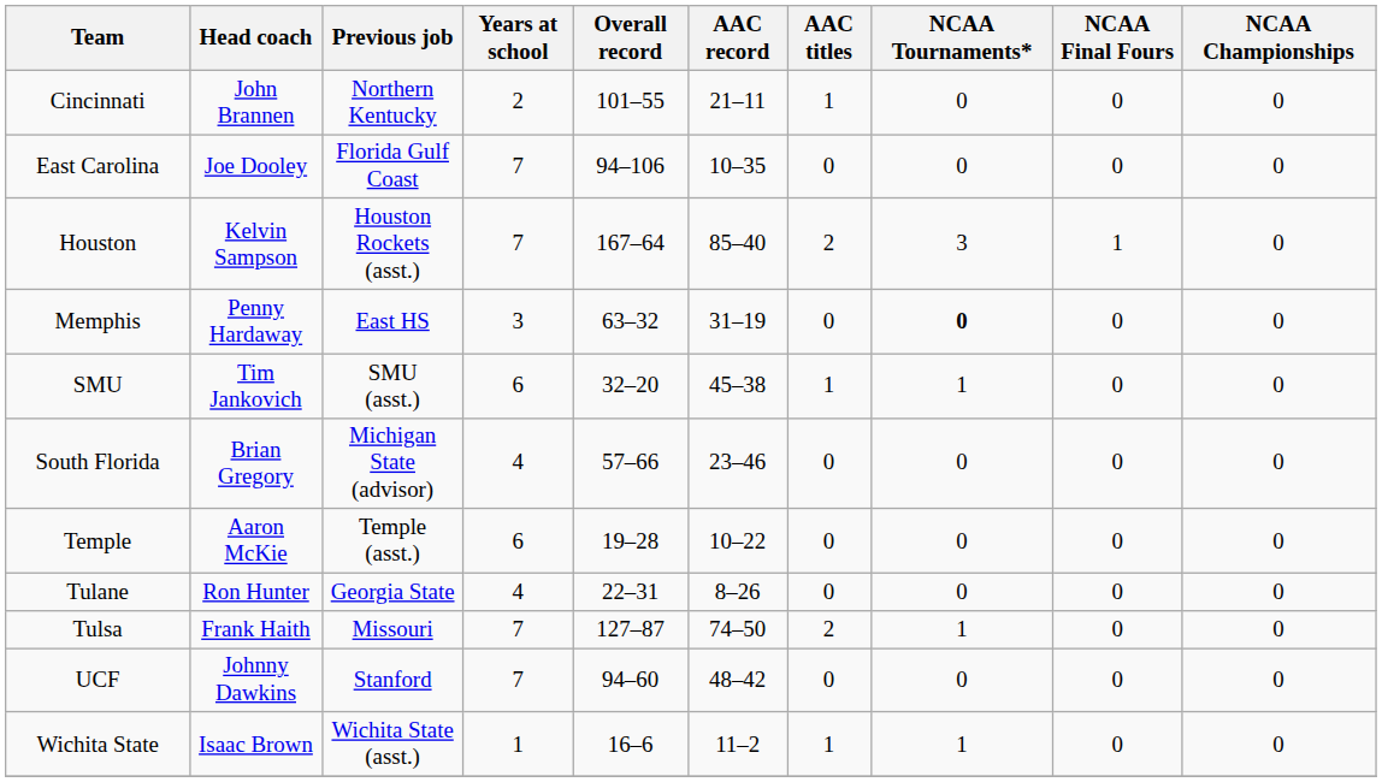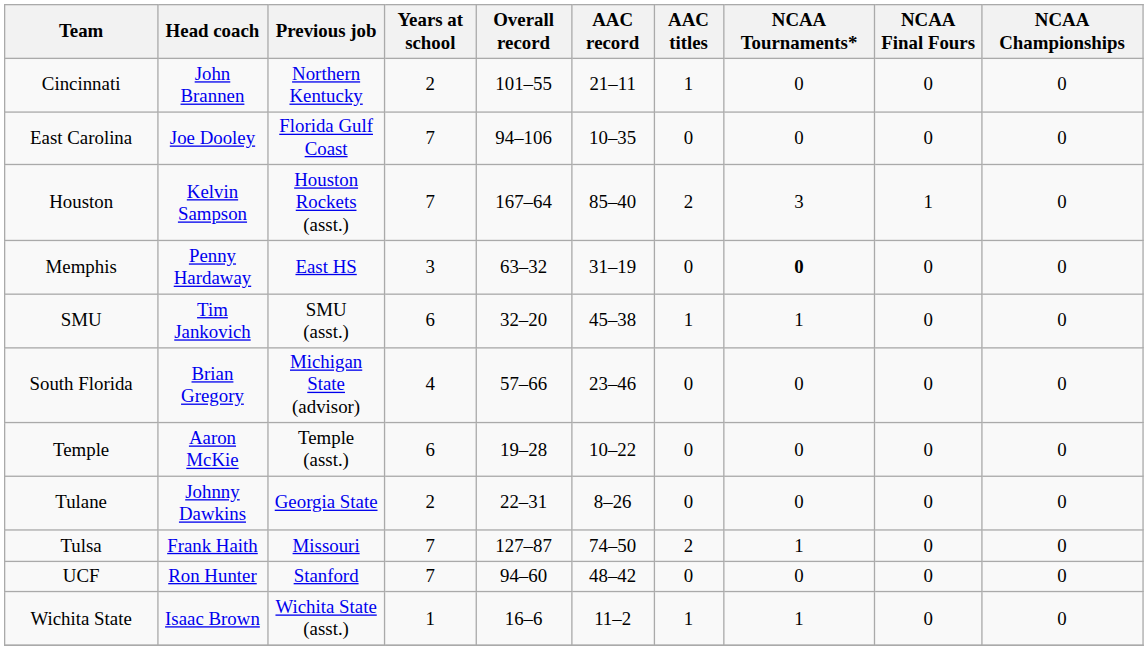 <table class="wikitable sortable" style="text-align: center;font-size:90%;">
 <tr>
 <th width="110">Team</th>
 <th>Head coach</th>
 <th>Previous job</th>
 <th>Years at school</th>
 <th>Overall record</th>
 <th>AAC record</th>
 <th>AAC titles</th>
 <th>NCAA Tournaments*</th>
 <th>NCAA Final Fours</th>
 <th>NCAA Championships</th>
 </tr>
 <tr>
 <td>Cincinnati</td>
 <td><a href='#'>John Brannen</a></td>
 <td><a href='#'>Northern Kentucky</a></td>
 <td>2</td>
 <td>101–55</td>
 <td>21–11</td>
 <td>1</td>
 <td>0</td>
 <td>0</td>
 <td>0</td>
 </tr>
 <tr>
 <td>East Carolina</td>
 <td><a href='#'>Joe Dooley</a></td>
 <td><a href='#'>Florida Gulf Coast</a></td>
 <td>7</td>
 <td>94–106</td>
 <td>10–35</td>
 <td>0</td>
 <td>0</td>
 <td>0</td>
 <td>0</td>
 </tr>
 <tr>
 <td>Houston</td>
 <td><a href='#'>Kelvin Sampson</a></td>
 <td><a href='#'>Houston Rockets</a><br>(asst.)</td>
 <td>7</td>
 <td>167–64</td>
 <td>85–40</td>
 <td>2</td>
 <td>3</td>
 <td>1</td>
 <td>0</td>
 </tr>
 <tr>
 <td>Memphis</td>
 <td><a href='#'>Penny Hardaway</a></td>
 <td><a href='#'>East HS</a></td>
 <td>3</td>
 <td>63–32</td>
 <td>31–19</td>
 <td>0</td>
 <td><strong>0</strong></td>
 <td>0</td>
 <td>0</td>
 </tr>
 <tr>
 <td>SMU</td>
 <td><a href='#'>Tim Jankovich</a></td>
 <td>SMU<br>(asst.)</td>
 <td>6</td>
 <td>32–20</td>
 <td>45–38</td>
 <td>1</td>
 <td>1</td>
 <td>0</td>
 <td>0</td>
 </tr>
 <tr>
 <td>South Florida</td>
 <td><a href='#'>Brian Gregory</a></td>
 <td><a href='#'>Michigan State</a><br>(advisor)</td>
 <td>4</td>
 <td>57–66</td>
 <td>23–46</td>
 <td>0</td>
 <td>0</td>
 <td>0</td>
 <td>0</td>
 </tr>
 <tr>
 <td>Temple</td>
 <td><a href='#'>Aaron McKie</a></td>
 <td>Temple<br>(asst.)</td>
 <td>6</td>
 <td>19–28</td>
 <td>10–22</td>
 <td>0</td>
 <td>0</td>
 <td>0</td>
 <td>0</td>
 </tr>
 <tr>
 <td>Tulane</td>
-<td><a href='#'>Ron Hunter</a></td>
+<td><a href='#'>Johnny Dawkins</a></td>
 <td><a href='#'>Georgia State</a></td>
-<td>4</td>
+<td>2</td>
 <td>22–31</td>
 <td>8–26</td>
 <td>0</td>
 <td>0</td>
 <td>0</td>
 <td>0</td>
 </tr>
 <tr>
 <td>Tulsa</td>
 <td><a href='#'>Frank Haith</a></td>
 <td><a href='#'>Missouri</a></td>
 <td>7</td>
 <td>127–87</td>
 <td>74–50</td>
 <td>2</td>
 <td>1</td>
 <td>0</td>
 <td>0</td>
 </tr>
 <tr>
 <td>UCF</td>
-<td><a href='#'>Johnny Dawkins</a></td>
+<td><a href='#'>Ron Hunter</a></td>
 <td><a href='#'>Stanford</a></td>
 <td>7</td>
 <td>94–60</td>
 <td>48–42</td>
 <td>0</td>
 <td>0</td>
 <td>0</td>
 <td>0</td>
 </tr>
 <tr>
 <td>Wichita State</td>
 <td><a href='#'>Isaac Brown</a></td>
 <td><a href='#'>Wichita State</a> (asst.)</td>
 <td>1</td>
 <td>16–6</td>
 <td>11–2</td>
 <td>1</td>
 <td>1</td>
 <td>0</td>
 <td>0</td>
 </tr>
 <tr>
 </tr>
 </table>
